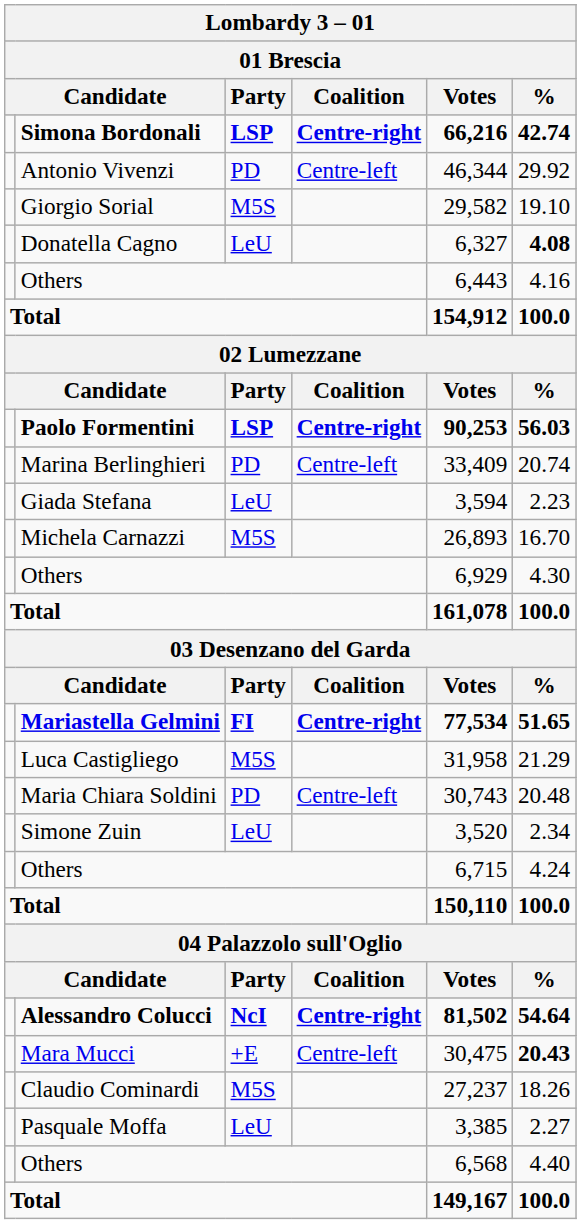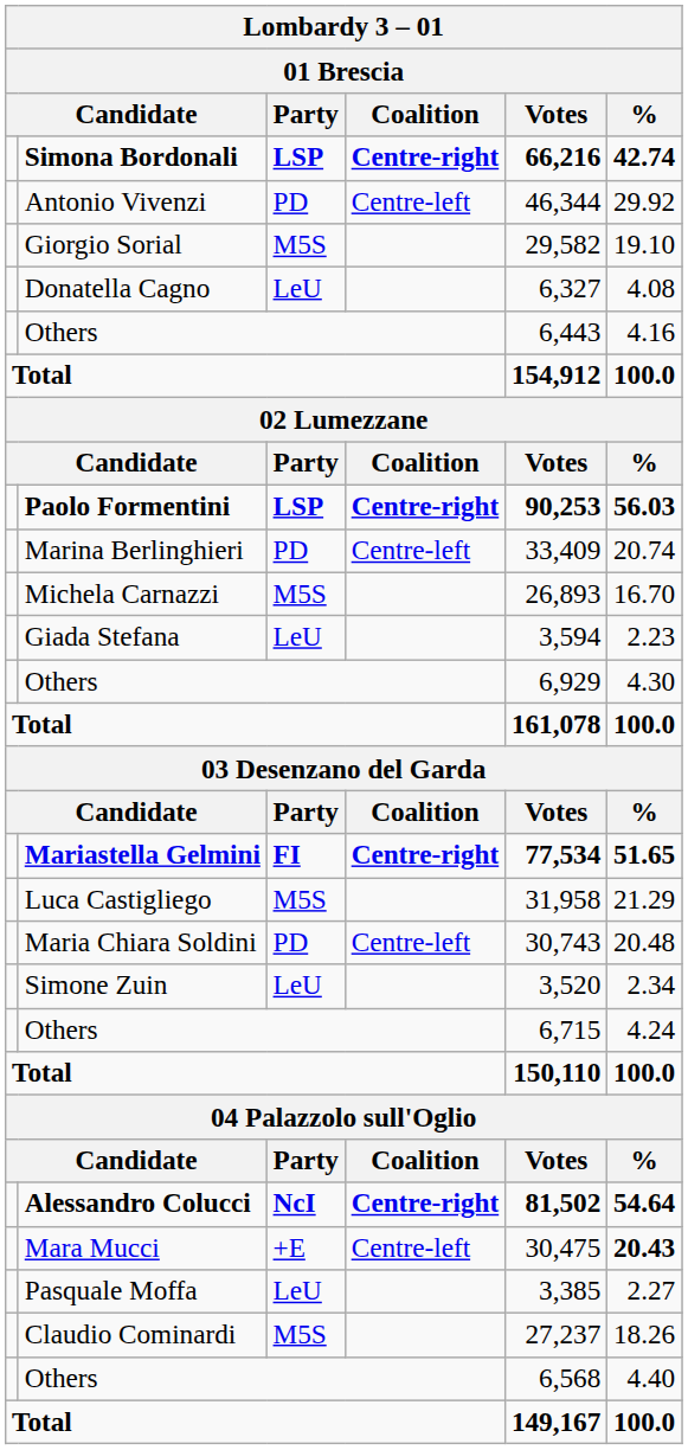 <table class=wikitable style=text-align:right>
 <tr>
 <th colspan=6>Lombardy 3 – 01</th>
 </tr>
 <tr>
 <th colspan=6>01 Brescia</th>
 </tr>
 <tr>
 <th colspan=2>Candidate</th>
 <th>Party</th>
 <th>Coalition</th>
 <th>Votes</th>
 <th>%</th>
 </tr>
 <tr>
 <td></td>
 <td align=left><strong>Simona Bordonali</strong></td>
 <td align=left><strong><a href='#'>LSP</a></strong></td>
 <td align=left><strong><a href='#'>Centre-right</a></strong></td>
 <td><strong>66,216</strong></td>
 <td><strong>42.74</strong></td>
 </tr>
 <tr>
 <td></td>
 <td align=left>Antonio Vivenzi</td>
 <td align=left><a href='#'>PD</a></td>
 <td align=left><a href='#'>Centre-left</a></td>
 <td>46,344</td>
 <td>29.92</td>
 </tr>
 <tr>
 <td></td>
 <td align=left>Giorgio Sorial</td>
 <td align=left><a href='#'>M5S</a></td>
 <td></td>
 <td>29,582</td>
 <td>19.10</td>
 </tr>
 <tr>
 <td></td>
 <td align=left>Donatella Cagno</td>
 <td align=left><a href='#'>LeU</a></td>
 <td></td>
 <td>6,327</td>
-<td><strong>4.08</strong></td>
+<td>4.08</td>
 </tr>
 <tr>
 <td></td>
 <td align=left colspan=3>Others</td>
 <td>6,443</td>
 <td>4.16</td>
 </tr>
 <tr>
 <td align=left colspan=4><strong>Total</strong></td>
 <td><strong>154,912</strong></td>
 <td><strong>100.0</strong></td>
 </tr>
 <tr>
 <th colspan=6>02 Lumezzane</th>
 </tr>
 <tr>
 <th colspan=2>Candidate</th>
 <th>Party</th>
 <th>Coalition</th>
 <th>Votes</th>
 <th>%</th>
 </tr>
 <tr>
 <td></td>
 <td align=left><strong>Paolo Formentini</strong></td>
 <td align=left><strong><a href='#'>LSP</a></strong></td>
 <td align=left><strong><a href='#'>Centre-right</a></strong></td>
 <td><strong>90,253</strong></td>
 <td><strong>56.03</strong></td>
 </tr>
 <tr>
 <td></td>
 <td align=left>Marina Berlinghieri</td>
 <td align=left><a href='#'>PD</a></td>
 <td align=left><a href='#'>Centre-left</a></td>
 <td>33,409</td>
 <td>20.74</td>
 </tr>
 <tr>
 <td></td>
+<td align=left>Michela Carnazzi</td>
+<td align=left><a href='#'>M5S</a></td>
+<td></td>
+<td>26,893</td>
+<td>16.70</td>
+</tr>
+<tr>
+<td></td>
 <td align=left>Giada Stefana</td>
 <td align=left><a href='#'>LeU</a></td>
 <td></td>
 <td>3,594</td>
 <td>2.23</td>
-</tr>
-<tr>
-<td></td>
-<td align=left>Michela Carnazzi</td>
-<td align=left><a href='#'>M5S</a></td>
-<td></td>
-<td>26,893</td>
-<td>16.70</td>
 </tr>
 <tr>
 <td></td>
 <td align=left colspan=3>Others</td>
 <td>6,929</td>
 <td>4.30</td>
 </tr>
 <tr>
 <td align=left colspan=4><strong>Total</strong></td>
 <td><strong>161,078</strong></td>
 <td><strong>100.0</strong></td>
 </tr>
 <tr>
 <th colspan=6>03 Desenzano del Garda</th>
 </tr>
 <tr>
 <th colspan=2>Candidate</th>
 <th>Party</th>
 <th>Coalition</th>
 <th>Votes</th>
 <th>%</th>
 </tr>
 <tr>
 <td></td>
 <td align=left><strong><a href='#'>Mariastella Gelmini</a></strong></td>
 <td align=left><strong><a href='#'>FI</a></strong></td>
 <td align=left><strong><a href='#'>Centre-right</a></strong></td>
 <td><strong>77,534</strong></td>
 <td><strong>51.65</strong></td>
 </tr>
 <tr>
 <td></td>
 <td align=left>Luca Castigliego</td>
 <td align=left><a href='#'>M5S</a></td>
 <td></td>
 <td>31,958</td>
 <td>21.29</td>
 </tr>
 <tr>
 <td></td>
 <td align=left>Maria Chiara Soldini</td>
 <td align=left><a href='#'>PD</a></td>
 <td align=left><a href='#'>Centre-left</a></td>
 <td>30,743</td>
 <td>20.48</td>
 </tr>
 <tr>
 <td></td>
 <td align=left>Simone Zuin</td>
 <td align=left><a href='#'>LeU</a></td>
 <td></td>
 <td>3,520</td>
 <td>2.34</td>
 </tr>
 <tr>
 <td></td>
 <td align=left colspan=3>Others</td>
 <td>6,715</td>
 <td>4.24</td>
 </tr>
 <tr>
 <td align=left colspan=4><strong>Total</strong></td>
 <td><strong>150,110</strong></td>
 <td><strong>100.0</strong></td>
 </tr>
 <tr>
 <th colspan=6>04 Palazzolo sull'Oglio</th>
 </tr>
 <tr>
 <th colspan=2>Candidate</th>
 <th>Party</th>
 <th>Coalition</th>
 <th>Votes</th>
 <th>%</th>
 </tr>
 <tr>
 <td></td>
 <td align=left><strong>Alessandro Colucci</strong></td>
 <td align=left><strong><a href='#'>NcI</a></strong></td>
 <td align=left><strong><a href='#'>Centre-right</a></strong></td>
 <td><strong>81,502</strong></td>
 <td><strong>54.64</strong></td>
 </tr>
 <tr>
 <td></td>
 <td align=left><a href='#'>Mara Mucci</a></td>
 <td align=left><a href='#'>+E</a></td>
 <td align=left><a href='#'>Centre-left</a></td>
 <td>30,475</td>
 <td><strong>20.43</strong></td>
 </tr>
 <tr>
 <td></td>
+<td align=left>Pasquale Moffa</td>
+<td align=left><a href='#'>LeU</a></td>
+<td></td>
+<td>3,385</td>
+<td>2.27</td>
+</tr>
+<tr>
+<td></td>
 <td align=left>Claudio Cominardi</td>
 <td align=left><a href='#'>M5S</a></td>
 <td></td>
 <td>27,237</td>
 <td>18.26</td>
-</tr>
-<tr>
-<td></td>
-<td align=left>Pasquale Moffa</td>
-<td align=left><a href='#'>LeU</a></td>
-<td></td>
-<td>3,385</td>
-<td>2.27</td>
 </tr>
 <tr>
 <td></td>
 <td align=left colspan=3>Others</td>
 <td>6,568</td>
 <td>4.40</td>
 </tr>
 <tr>
 <td align=left colspan=4><strong>Total</strong></td>
 <td><strong>149,167</strong></td>
 <td><strong>100.0</strong></td>
 </tr>
 </table>
